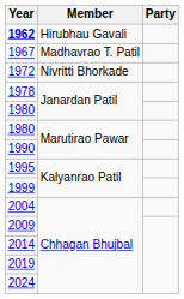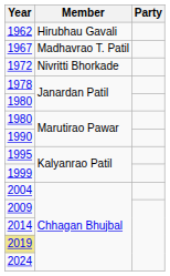 <table class="wikitable">
 <tr>
 <th>Year</th>
 <th>Member</th>
 <th colspan="2">Party</th>
 </tr>
 <tr>
-<td><strong><a href='#'>1962</a></strong></td>
+<td><a href='#'>1962</a></td>
 <td>Hirubhau Gavali</td>
 <td></td>
 </tr>
 <tr>
 <td><a href='#'>1967</a></td>
 <td>Madhavrao T. Patil</td>
 </tr>
 <tr>
 <td><a href='#'>1972</a></td>
 <td>Nivritti Bhorkade</td>
 <td></td>
 </tr>
 <tr>
 <td><a href='#'>1978</a></td>
 <td rowspan="2">Janardan Patil</td>
 </tr>
 <tr>
 <td><a href='#'>1980</a></td>
 <td></td>
 </tr>
 <tr>
 <td><a href='#'>1980</a></td>
 <td rowspan="2">Marutirao Pawar</td>
 <td></td>
 </tr>
 <tr>
 <td><a href='#'>1990</a></td>
 <td></td>
 </tr>
 <tr>
 <td><a href='#'>1995</a></td>
 <td rowspan="2">Kalyanrao Patil</td>
 <td></td>
 </tr>
 <tr>
 <td><a href='#'>1999</a></td>
 </tr>
 <tr>
 <td><a href='#'>2004</a></td>
 <td Rowspan=5><a href='#'>Chhagan Bhujbal</a></td>
 <td></td>
 </tr>
 <tr>
 <td><a href='#'>2009</a></td>
 </tr>
 <tr>
 <td><a href='#'>2014</a></td>
 </tr>
 <tr>
-<td><a href='#'>2019</a></td>
+<td style="background: khaki;"><a href='#'>2019</a></td>
 </tr>
 <tr>
 <td><a href='#'>2024</a></td>
 </tr>
 </table>
